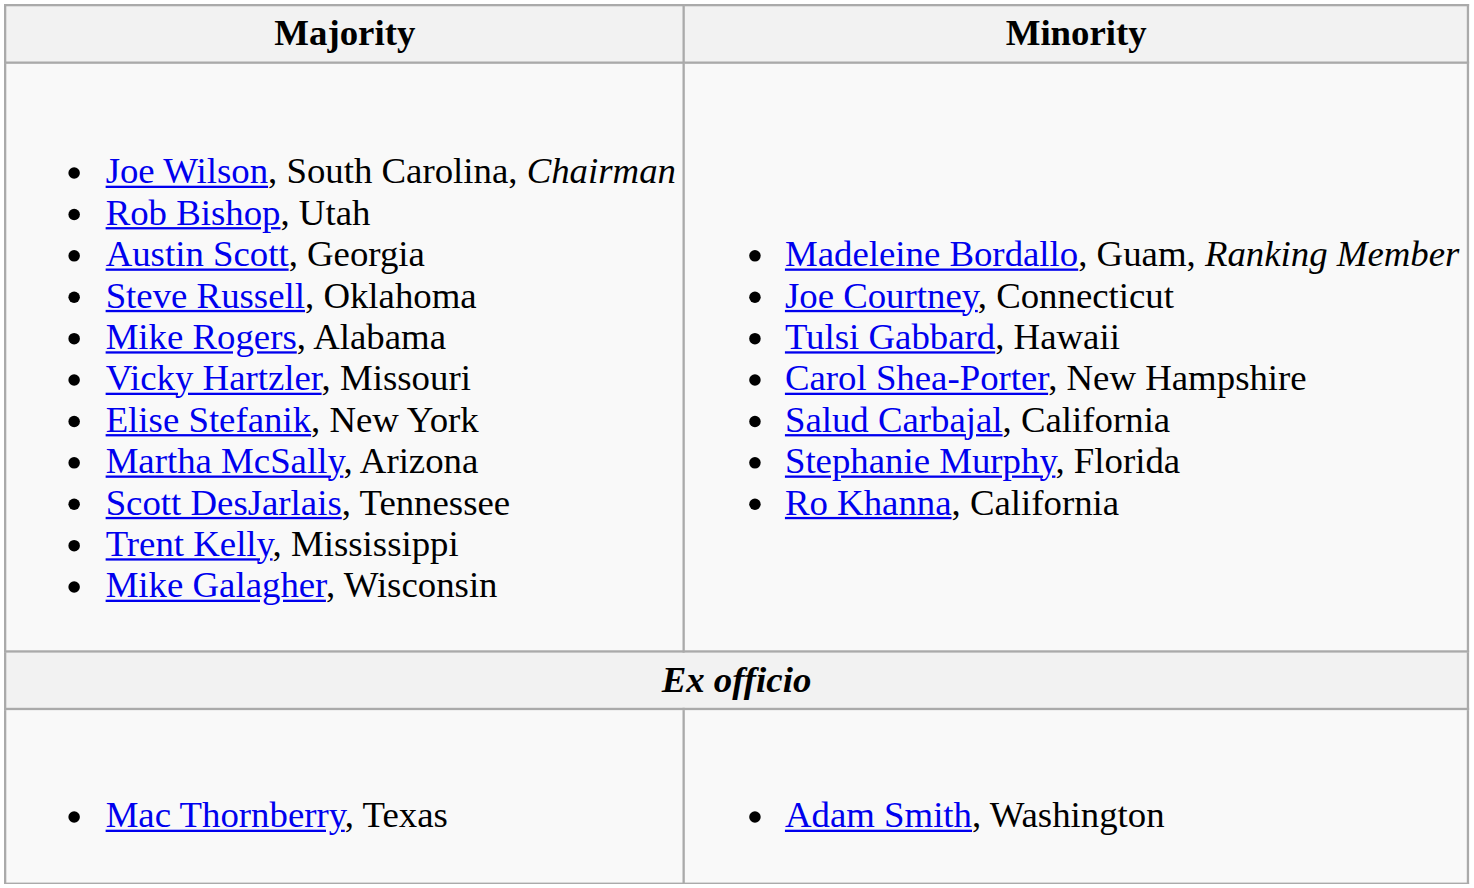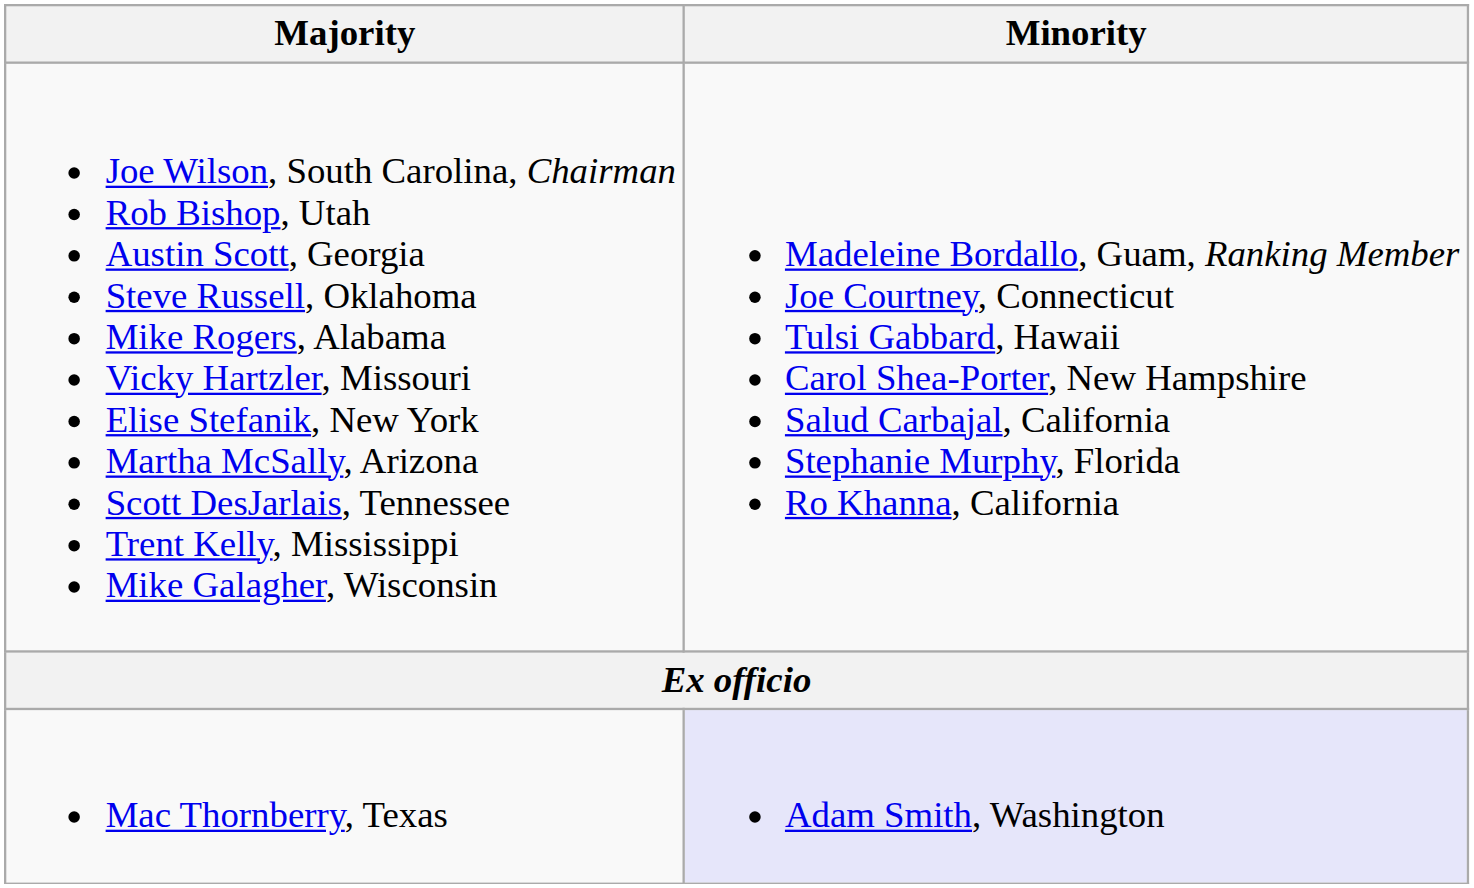 <table class=wikitable>
 <tr>
 <th>Majority</th>
 <th>Minority</th>
 </tr>
 <tr>
 <td><br><ul><li><a href='#'>Joe Wilson</a>, South Carolina, <em>Chairman</em></li><li><a href='#'>Rob Bishop</a>, Utah</li><li><a href='#'>Austin Scott</a>, Georgia</li><li><a href='#'>Steve Russell</a>, Oklahoma</li><li><a href='#'>Mike Rogers</a>, Alabama</li><li><a href='#'>Vicky Hartzler</a>, Missouri</li><li><a href='#'>Elise Stefanik</a>, New York</li><li><a href='#'>Martha McSally</a>, Arizona</li><li><a href='#'>Scott DesJarlais</a>, Tennessee</li><li><a href='#'>Trent Kelly</a>, Mississippi</li><li><a href='#'>Mike Galagher</a>, Wisconsin</li></ul></td>
 <td><br><ul><li><a href='#'>Madeleine Bordallo</a>, Guam, <em>Ranking Member</em></li><li><a href='#'>Joe Courtney</a>, Connecticut</li><li><a href='#'>Tulsi Gabbard</a>, Hawaii</li><li><a href='#'>Carol Shea-Porter</a>, New Hampshire</li><li><a href='#'>Salud Carbajal</a>, California</li><li><a href='#'>Stephanie Murphy</a>, Florida</li><li><a href='#'>Ro Khanna</a>, California</li></ul></td>
 </tr>
 <tr>
 <th colspan=2><em>Ex officio</em></th>
 </tr>
 <tr>
 <td><br><ul><li><a href='#'>Mac Thornberry</a>, Texas</li></ul></td>
-<td><br><ul><li><a href='#'>Adam Smith</a>, Washington</li></ul></td>
+<td style="background: lavender;"><br><ul><li><a href='#'>Adam Smith</a>, Washington</li></ul></td>
 </tr>
 </table>
